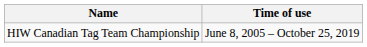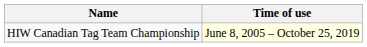 <table class="wikitable" border="1">
 <tr>
 <th>Name</th>
 <th>Time of use</th>
 </tr>
 <tr>
 <td>HIW Canadian Tag Team Championship</td>
-<td>June 8, 2005 – October 25, 2019</td>
+<td style="background: lightyellow;">June 8, 2005 – October 25, 2019</td>
 </tr>
 </table>
